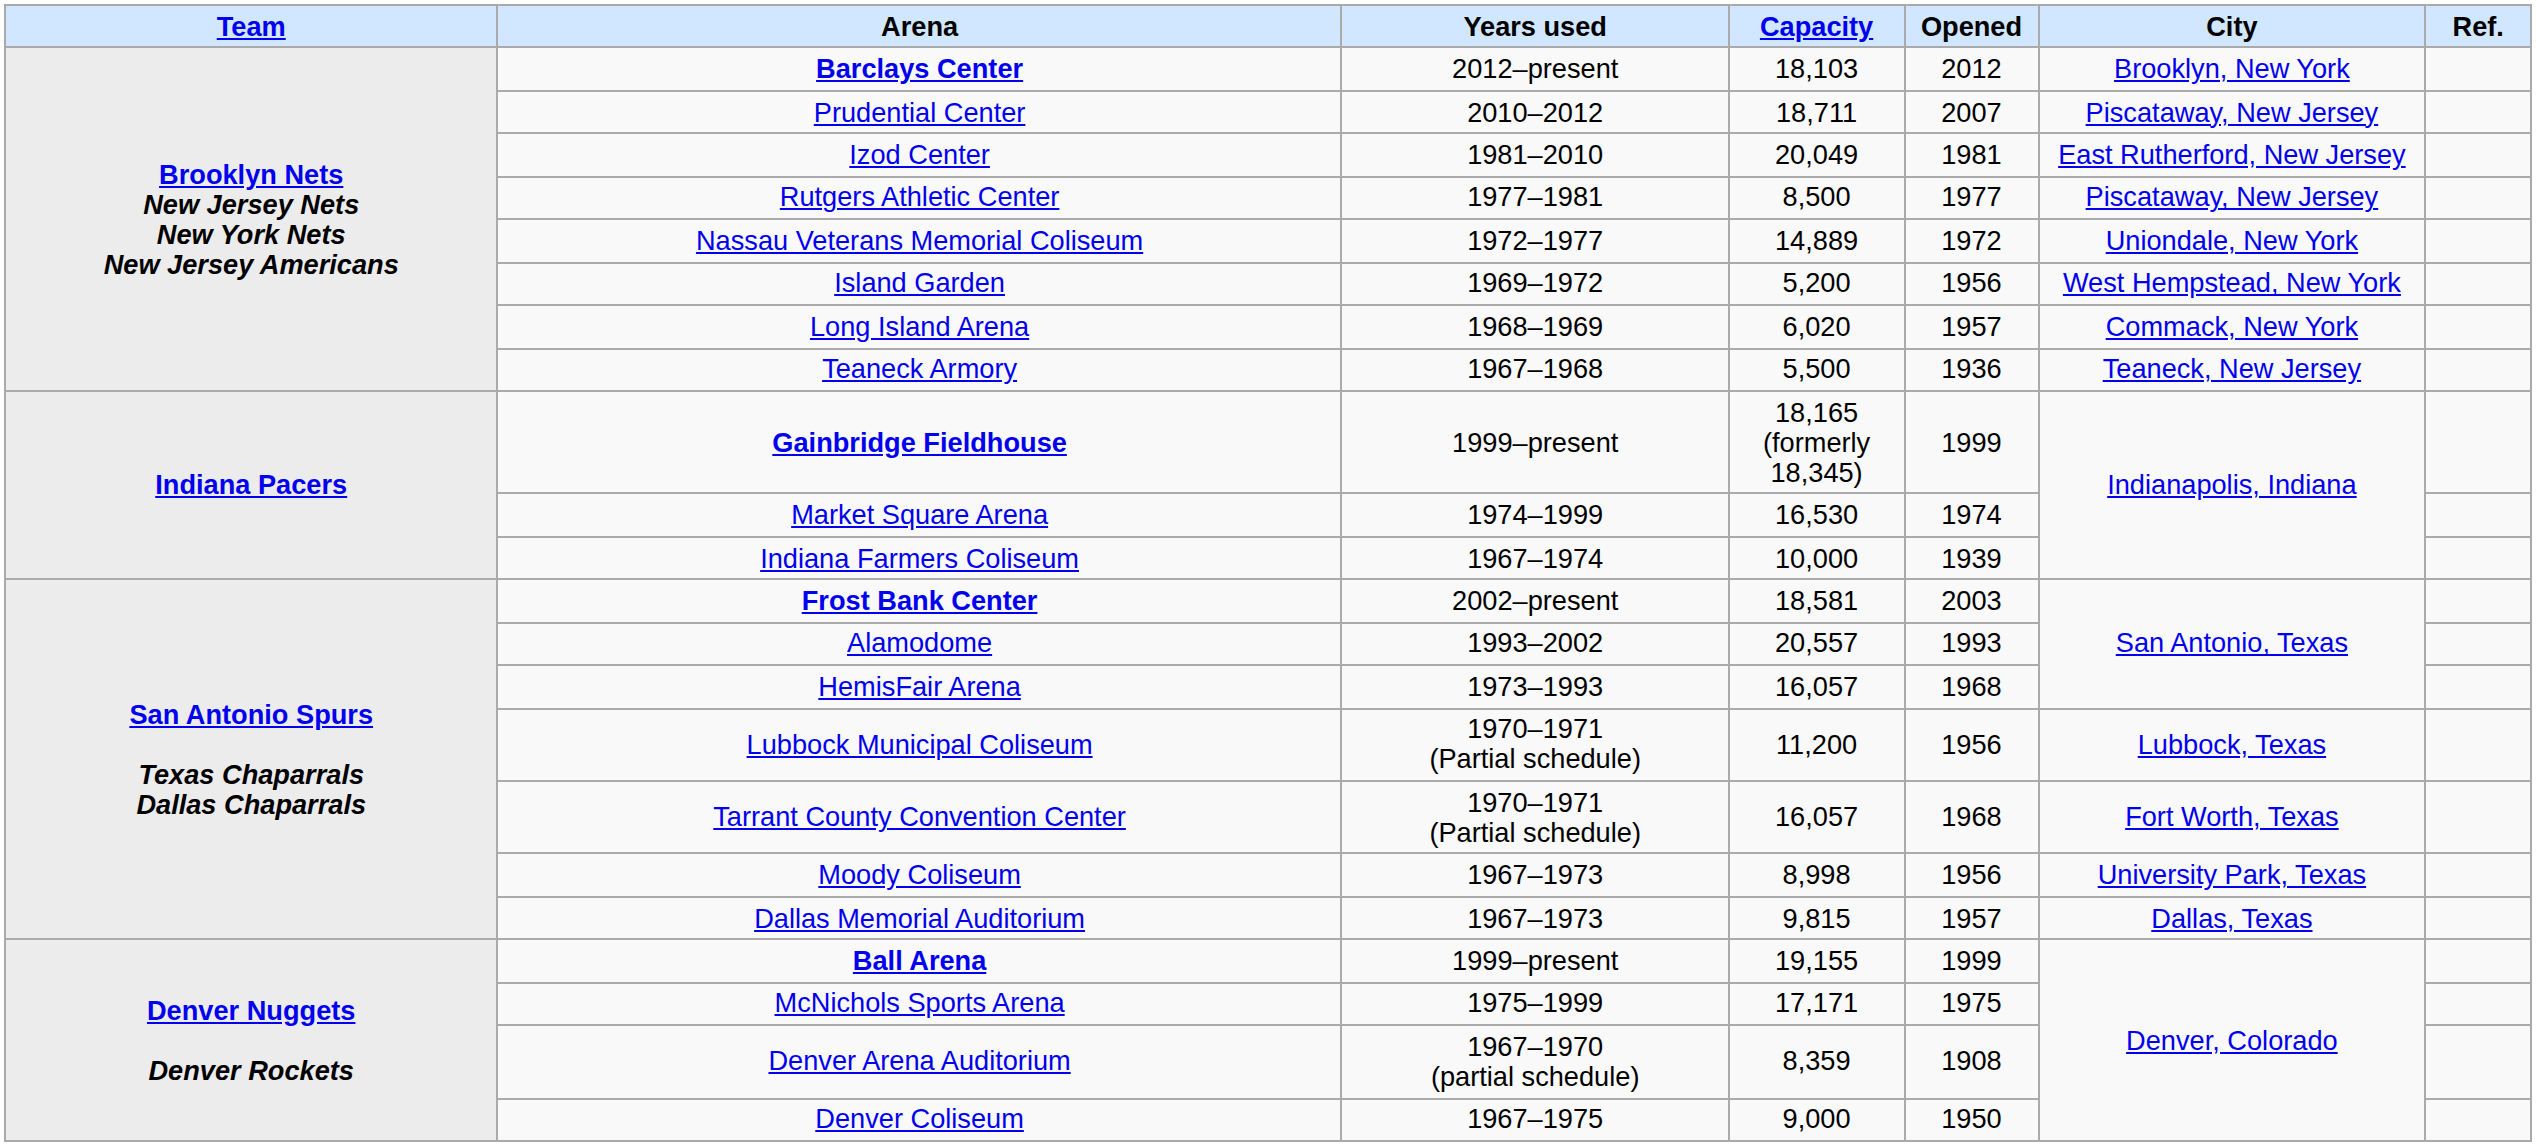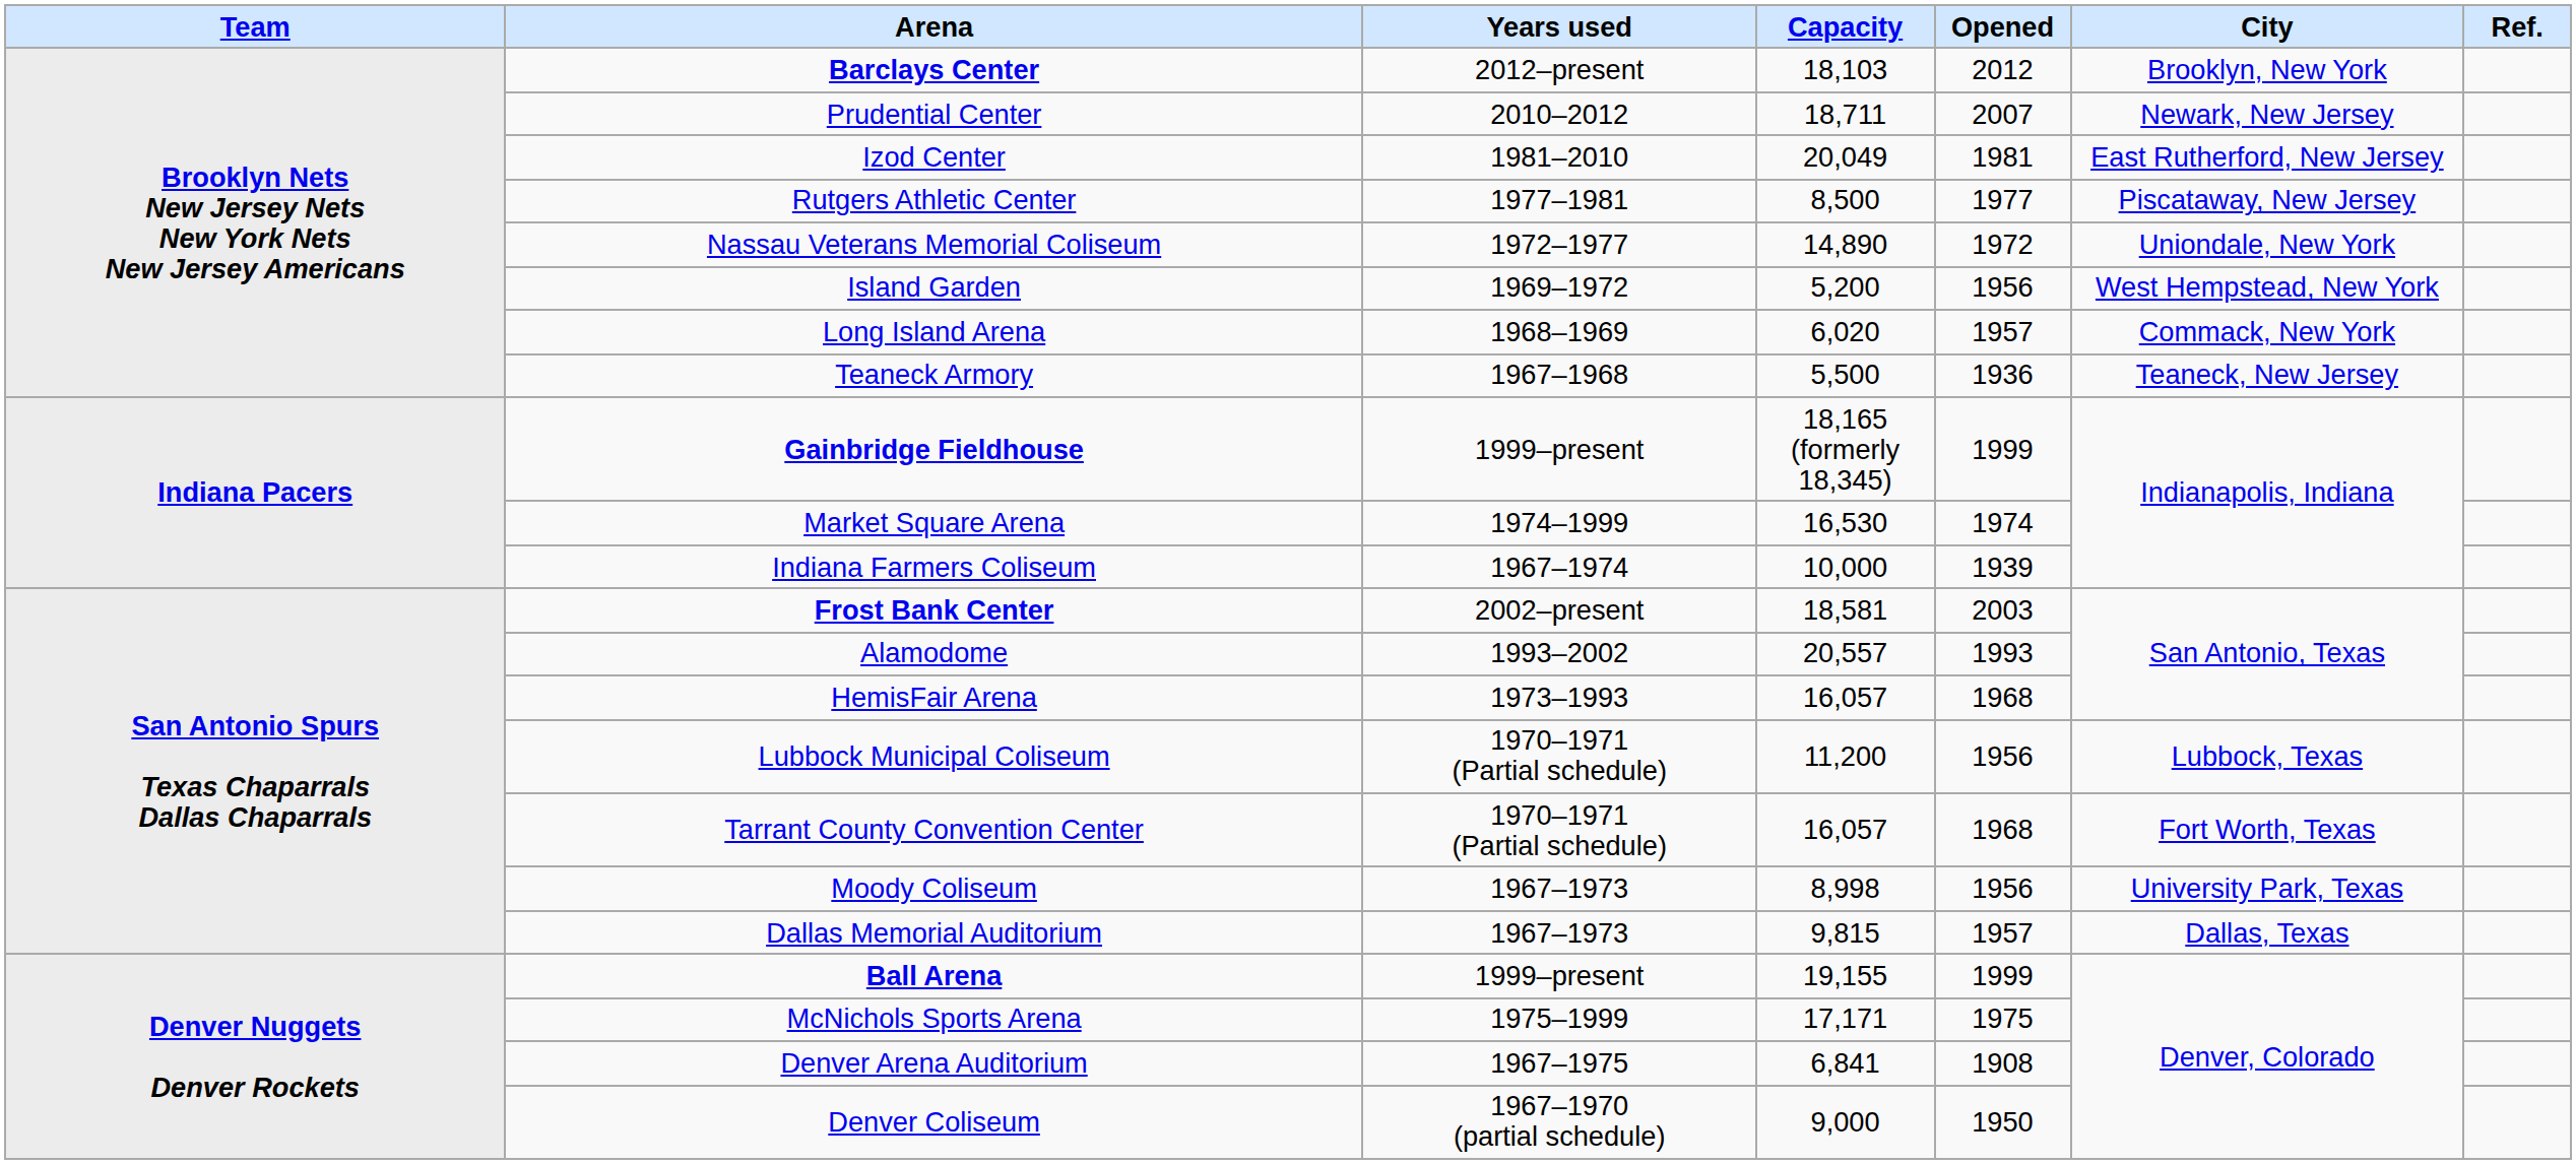 <table class="wikitable" style="font-size: 85%; text-align: center; width: 100%;">
 <tr>
 <th style="width:14%; background: #D0E7FF;"><a href='#'>Team</a></th>
 <th style="width:24%; background: #D0E7FF;">Arena</th>
 <th style="width:11%;background: #D0E7FF;">Years used</th>
 <th style="width:5%; background: #D0E7FF;"><a href='#'>Capacity</a></th>
 <th style="width:2%;background: #D0E7FF;">Opened</th>
 <th style="width:11%; background: #D0E7FF;">City</th>
 <th style="width:3%; background: #D0E7FF;">Ref.</th>
 </tr>
 <tr>
 <th style="background: #ececec;" rowspan=8><a href='#'>Brooklyn Nets</a><br><em>New Jersey Nets</em><br><em>New York Nets</em><br><em>New Jersey Americans</em></th>
 <td><strong><a href='#'>Barclays Center</a></strong></td>
 <td>2012–present</td>
 <td>18,103</td>
 <td>2012</td>
 <td><a href='#'>Brooklyn, New York</a></td>
 <td align="center"></td>
 </tr>
 <tr>
 <td><a href='#'>Prudential Center</a></td>
 <td>2010–2012</td>
 <td>18,711</td>
 <td>2007</td>
-<td><a href='#'>Piscataway, New Jersey</a></td>
+<td><a href='#'>Newark, New Jersey</a></td>
 <td align="center"></td>
 </tr>
 <tr>
 <td><a href='#'>Izod Center</a></td>
 <td>1981–2010</td>
 <td>20,049</td>
 <td>1981</td>
 <td><a href='#'>East Rutherford, New Jersey</a></td>
 <td align="center"></td>
 </tr>
 <tr>
 <td><a href='#'>Rutgers Athletic Center</a></td>
 <td>1977–1981</td>
 <td>8,500</td>
 <td>1977</td>
 <td><a href='#'>Piscataway, New Jersey</a></td>
 <td align="center"></td>
 </tr>
 <tr>
 <td><a href='#'>Nassau Veterans Memorial Coliseum</a></td>
 <td>1972–1977</td>
-<td>14,889</td>
+<td>14,890</td>
 <td>1972</td>
 <td><a href='#'>Uniondale, New York</a></td>
 <td align="center"></td>
 </tr>
 <tr>
 <td><a href='#'>Island Garden</a></td>
 <td>1969–1972</td>
 <td>5,200</td>
 <td>1956</td>
 <td><a href='#'>West Hempstead, New York</a></td>
 <td align="center"></td>
 </tr>
 <tr>
 <td><a href='#'>Long Island Arena</a></td>
 <td>1968–1969</td>
 <td>6,020</td>
 <td>1957</td>
 <td><a href='#'>Commack, New York</a></td>
 <td align="center"></td>
 </tr>
 <tr>
 <td><a href='#'>Teaneck Armory</a></td>
 <td>1967–1968</td>
 <td>5,500</td>
 <td>1936</td>
 <td><a href='#'>Teaneck, New Jersey</a></td>
 <td align="center"></td>
 </tr>
 <tr>
 <th style="background: #ececec;" rowspan=3><a href='#'>Indiana Pacers</a></th>
 <td><strong><a href='#'>Gainbridge Fieldhouse</a></strong></td>
 <td>1999–present</td>
 <td>18,165 (formerly 18,345)</td>
 <td>1999</td>
 <td rowspan=3><a href='#'>Indianapolis, Indiana</a></td>
 <td></td>
 </tr>
 <tr>
 <td><a href='#'>Market Square Arena</a></td>
 <td>1974–1999</td>
 <td>16,530</td>
 <td>1974</td>
 <td></td>
 </tr>
 <tr>
 <td><a href='#'>Indiana Farmers Coliseum</a></td>
 <td>1967–1974</td>
 <td>10,000</td>
 <td>1939</td>
 <td></td>
 </tr>
 <tr>
 <th style="background: #ececec;" rowspan=7><a href='#'>San Antonio Spurs</a><br><br><em>Texas Chaparrals</em><br> <em>Dallas Chaparrals</em></th>
 <td><strong><a href='#'>Frost Bank Center</a></strong></td>
 <td>2002–present</td>
 <td>18,581</td>
 <td>2003</td>
 <td rowspan=3><a href='#'>San Antonio, Texas</a></td>
 <td></td>
 </tr>
 <tr>
 <td><a href='#'>Alamodome</a></td>
 <td>1993–2002</td>
 <td>20,557</td>
 <td>1993</td>
 <td></td>
 </tr>
 <tr>
 <td><a href='#'>HemisFair Arena</a></td>
 <td>1973–1993</td>
 <td>16,057</td>
 <td>1968</td>
 <td></td>
 </tr>
 <tr>
 <td><a href='#'>Lubbock Municipal Coliseum</a></td>
 <td>1970–1971<br>(Partial schedule)</td>
 <td>11,200</td>
 <td>1956</td>
 <td><a href='#'>Lubbock, Texas</a></td>
 <td></td>
 </tr>
 <tr>
 <td><a href='#'>Tarrant County Convention Center</a></td>
 <td>1970–1971<br>(Partial schedule)</td>
 <td>16,057</td>
 <td>1968</td>
 <td><a href='#'>Fort Worth, Texas</a></td>
 <td></td>
 </tr>
 <tr>
 <td><a href='#'>Moody Coliseum</a></td>
 <td>1967–1973</td>
 <td>8,998</td>
 <td>1956</td>
 <td><a href='#'>University Park, Texas</a></td>
 <td></td>
 </tr>
 <tr>
 <td><a href='#'>Dallas Memorial Auditorium</a></td>
 <td>1967–1973</td>
 <td>9,815</td>
 <td>1957</td>
 <td><a href='#'>Dallas, Texas</a></td>
 <td></td>
 </tr>
 <tr>
 <th style="background: #ececec;" rowspan=4><a href='#'>Denver Nuggets</a><br><br><em>Denver Rockets</em></th>
 <td><strong><a href='#'>Ball Arena</a></strong></td>
 <td>1999–present</td>
 <td>19,155</td>
 <td>1999</td>
 <td rowspan=4><a href='#'>Denver, Colorado</a></td>
 <td align="center"></td>
 </tr>
 <tr>
 <td><a href='#'>McNichols Sports Arena</a></td>
 <td>1975–1999</td>
 <td>17,171</td>
 <td>1975</td>
 <td></td>
 </tr>
 <tr>
 <td><a href='#'>Denver Arena Auditorium</a></td>
-<td>1967–1970<br>(partial schedule)</td>
-<td>8,359</td>
+<td>1967–1975</td>
+<td>6,841</td>
 <td>1908</td>
 <td></td>
 </tr>
 <tr>
 <td><a href='#'>Denver Coliseum</a></td>
-<td>1967–1975</td>
+<td>1967–1970<br>(partial schedule)</td>
 <td>9,000</td>
 <td>1950</td>
 <td></td>
 </tr>
 </table>
